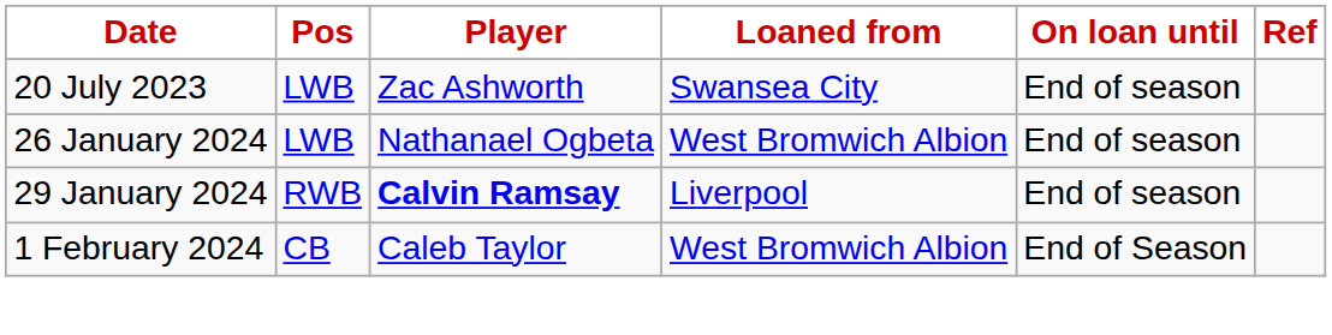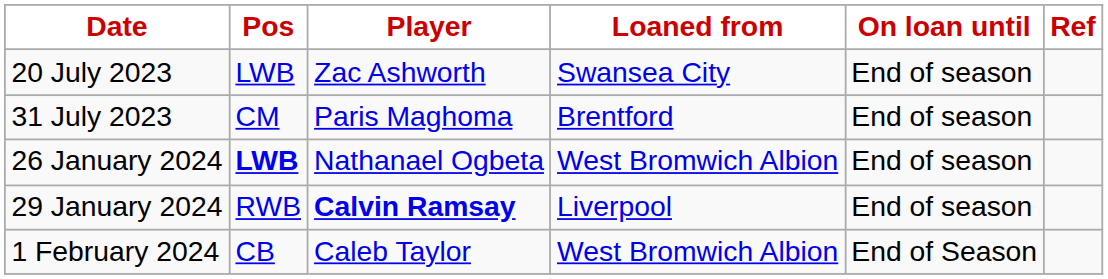 <table class="wikitable plainrowheaders sortable">
 <tr>
 <th style="background:#ffffff;color:#cc0000;">Date</th>
 <th style="background:#ffffff;color:#cc0000;">Pos</th>
 <th style="background:#ffffff;color:#cc0000;">Player</th>
 <th style="background:#ffffff;color:#cc0000;">Loaned from</th>
 <th style="background:#ffffff;color:#cc0000;">On loan until</th>
 <th style="background:#ffffff;color:#cc0000;">Ref</th>
 </tr>
 <tr>
 <td>20 July 2023</td>
 <td><a href='#'>LWB</a></td>
 <td> <a href='#'>Zac Ashworth</a></td>
 <td> <a href='#'>Swansea City</a></td>
 <td>End of season</td>
 <td></td>
 </tr>
 <tr>
+<td>31 July 2023</td>
+<td><a href='#'>CM</a></td>
+<td> <a href='#'>Paris Maghoma</a></td>
+<td> <a href='#'>Brentford</a></td>
+<td>End of season</td>
+<td></td>
+</tr>
+<tr>
 <td>26 January 2024</td>
-<td><a href='#'>LWB</a></td>
+<td><strong><a href='#'>LWB</a></strong></td>
 <td> <a href='#'>Nathanael Ogbeta</a></td>
 <td> <a href='#'>West Bromwich Albion</a></td>
 <td>End of season</td>
 <td></td>
 </tr>
 <tr>
 <td>29 January 2024</td>
 <td><a href='#'>RWB</a></td>
 <td><strong> <a href='#'>Calvin Ramsay</a></strong></td>
 <td> <a href='#'>Liverpool</a></td>
 <td>End of season</td>
 <td></td>
 </tr>
 <tr>
 <td>1 February 2024</td>
 <td><a href='#'>CB</a></td>
 <td> <a href='#'>Caleb Taylor</a></td>
 <td> <a href='#'>West Bromwich Albion</a></td>
 <td>End of Season</td>
 <td></td>
 </tr>
 </table>
